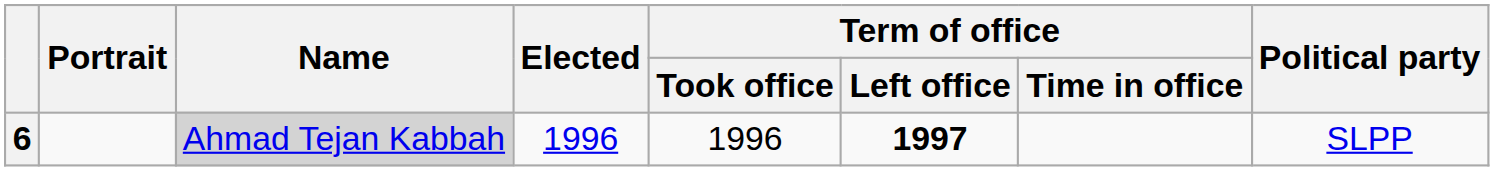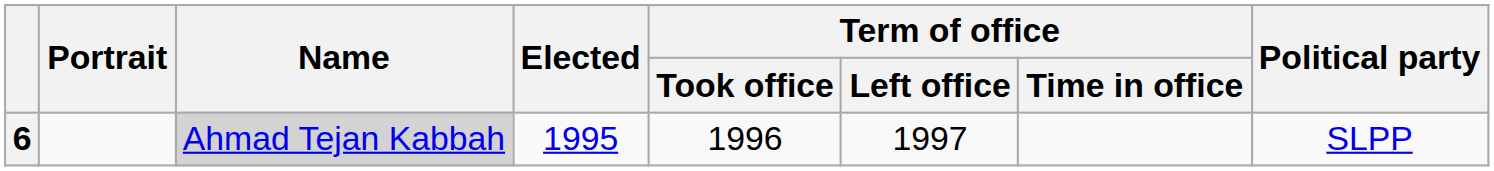 <table class="wikitable" style="text-align:center">
 <tr>
 <th rowspan="2"></th>
 <th rowspan="2">Portrait</th>
 <th rowspan="2">Name<br></th>
 <th rowspan="2">Elected</th>
 <th colspan="3">Term of office</th>
 <th rowspan="2">Political party</th>
 </tr>
 <tr>
 <th>Took office</th>
 <th>Left office</th>
 <th>Time in office</th>
 </tr>
 <tr>
 <th style="background:">6</th>
 <td></td>
 <td style="background: lightgrey;"><a href='#'>Ahmad Tejan Kabbah</a><br></td>
-<td><a href='#'>1996</a></td>
+<td><a href='#'>1995</a></td>
 <td> 1996</td>
-<td><strong> 1997<br></strong></td>
+<td> 1997<br></td>
 <td></td>
 <td><a href='#'>SLPP</a></td>
 </tr>
 </table>
